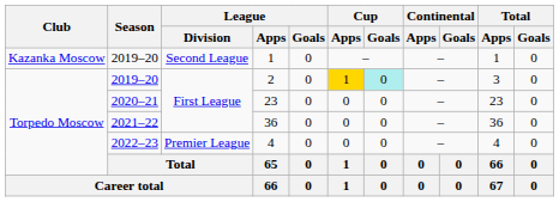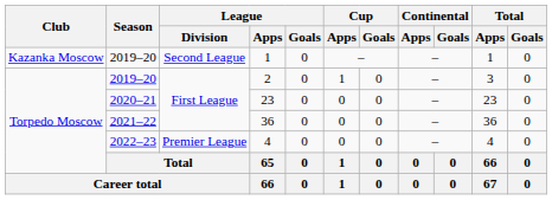 <table class="wikitable" style="text-align: center;">
 <tr>
 <th rowspan=2>Club</th>
 <th rowspan=2>Season</th>
 <th colspan=3>League</th>
 <th colspan=2>Cup</th>
 <th colspan=2>Continental</th>
 <th colspan=2>Total</th>
 </tr>
 <tr>
 <th>Division</th>
 <th>Apps</th>
 <th>Goals</th>
 <th>Apps</th>
 <th>Goals</th>
 <th>Apps</th>
 <th>Goals</th>
 <th>Apps</th>
 <th>Goals</th>
 </tr>
 <tr>
 <td><a href='#'>Kazanka Moscow</a></td>
 <td>2019–20</td>
 <td><a href='#'>Second League</a></td>
 <td>1</td>
 <td>0</td>
 <td colspan=2>–</td>
 <td colspan=2>–</td>
 <td>1</td>
 <td>0</td>
 </tr>
 <tr>
 <td rowspan="5"><a href='#'>Torpedo Moscow</a></td>
 <td><a href='#'>2019–20</a></td>
 <td rowspan="3"><a href='#'>First League</a></td>
 <td>2</td>
 <td>0</td>
-<td style="background: gold;">1</td>
-<td style="background: paleturquoise;">0</td>
+<td>1</td>
+<td>0</td>
 <td colspan=2>–</td>
 <td>3</td>
 <td>0</td>
 </tr>
 <tr>
 <td><a href='#'>2020–21</a></td>
 <td>23</td>
 <td>0</td>
 <td>0</td>
 <td>0</td>
 <td colspan=2>–</td>
 <td>23</td>
 <td>0</td>
 </tr>
 <tr>
 <td><a href='#'>2021–22</a></td>
 <td>36</td>
 <td>0</td>
 <td>0</td>
 <td>0</td>
 <td colspan=2>–</td>
 <td>36</td>
 <td>0</td>
 </tr>
 <tr>
 <td><a href='#'>2022–23</a></td>
 <td><a href='#'>Premier League</a></td>
 <td>4</td>
 <td>0</td>
 <td>0</td>
 <td>0</td>
 <td colspan=2>–</td>
 <td>4</td>
 <td>0</td>
 </tr>
 <tr>
 <th colspan=2>Total</th>
 <th>65</th>
 <th>0</th>
 <th>1</th>
 <th>0</th>
 <th>0</th>
 <th>0</th>
 <th>66</th>
 <th>0</th>
 </tr>
 <tr>
 <th colspan=3>Career total</th>
 <th>66</th>
 <th>0</th>
 <th>1</th>
 <th>0</th>
 <th>0</th>
 <th>0</th>
 <th>67</th>
 <th>0</th>
 </tr>
 </table>
